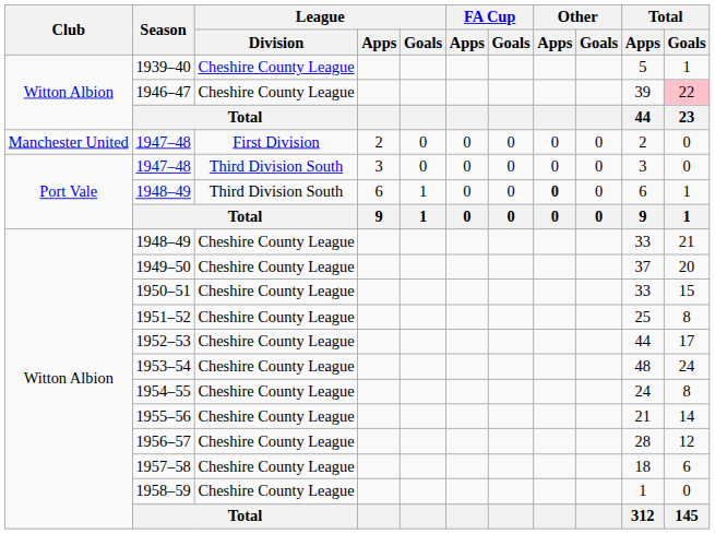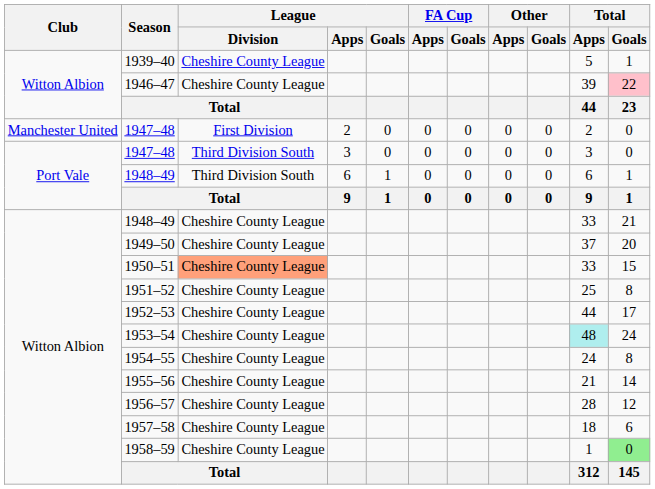 <table class="wikitable" style="text-align:center">
 <tr>
 <th rowspan="2">Club</th>
 <th rowspan="2">Season</th>
 <th colspan="3">League</th>
 <th colspan="2"><a href='#'>FA Cup</a></th>
 <th colspan="2">Other</th>
 <th colspan="2">Total</th>
 </tr>
 <tr>
 <th>Division</th>
 <th>Apps</th>
 <th>Goals</th>
 <th>Apps</th>
 <th>Goals</th>
 <th>Apps</th>
 <th>Goals</th>
 <th>Apps</th>
 <th>Goals</th>
 </tr>
 <tr>
 <td rowspan="3"><a href='#'>Witton Albion</a></td>
 <td>1939–40</td>
 <td><a href='#'>Cheshire County League</a></td>
 <td></td>
 <td></td>
 <td></td>
 <td></td>
 <td></td>
 <td></td>
 <td>5</td>
 <td>1</td>
 </tr>
 <tr>
 <td>1946–47</td>
 <td>Cheshire County League</td>
 <td></td>
 <td></td>
 <td></td>
 <td></td>
 <td></td>
 <td></td>
 <td>39</td>
 <td style="background: pink;">22</td>
 </tr>
 <tr>
 <th colspan="2">Total</th>
 <th></th>
 <th></th>
 <th></th>
 <th></th>
 <th></th>
 <th></th>
 <th>44</th>
 <th>23</th>
 </tr>
 <tr>
 <td><a href='#'>Manchester United</a></td>
 <td><a href='#'>1947–48</a></td>
 <td><a href='#'>First Division</a></td>
 <td>2</td>
 <td>0</td>
 <td>0</td>
 <td>0</td>
 <td>0</td>
 <td>0</td>
 <td>2</td>
 <td>0</td>
 </tr>
 <tr>
 <td rowspan="3"><a href='#'>Port Vale</a></td>
 <td><a href='#'>1947–48</a></td>
 <td><a href='#'>Third Division South</a></td>
 <td>3</td>
 <td>0</td>
 <td>0</td>
 <td>0</td>
 <td>0</td>
 <td>0</td>
 <td>3</td>
 <td>0</td>
 </tr>
 <tr>
 <td><a href='#'>1948–49</a></td>
 <td>Third Division South</td>
 <td>6</td>
 <td>1</td>
 <td>0</td>
 <td>0</td>
-<td><strong>0</strong></td>
+<td>0</td>
 <td>0</td>
 <td>6</td>
 <td>1</td>
 </tr>
 <tr>
 <th colspan="2">Total</th>
 <th>9</th>
 <th>1</th>
 <th>0</th>
 <th>0</th>
 <th>0</th>
 <th>0</th>
 <th>9</th>
 <th>1</th>
 </tr>
 <tr>
 <td rowspan="12">Witton Albion</td>
 <td>1948–49</td>
 <td>Cheshire County League</td>
 <td></td>
 <td></td>
 <td></td>
 <td></td>
 <td></td>
 <td></td>
 <td>33</td>
 <td>21</td>
 </tr>
 <tr>
 <td>1949–50</td>
 <td>Cheshire County League</td>
 <td></td>
 <td></td>
 <td></td>
 <td></td>
 <td></td>
 <td></td>
 <td>37</td>
 <td>20</td>
 </tr>
 <tr>
 <td>1950–51</td>
-<td>Cheshire County League</td>
+<td style="background: lightsalmon;">Cheshire County League</td>
 <td></td>
 <td></td>
 <td></td>
 <td></td>
 <td></td>
 <td></td>
 <td>33</td>
 <td>15</td>
 </tr>
 <tr>
 <td>1951–52</td>
 <td>Cheshire County League</td>
 <td></td>
 <td></td>
 <td></td>
 <td></td>
 <td></td>
 <td></td>
 <td>25</td>
 <td>8</td>
 </tr>
 <tr>
 <td>1952–53</td>
 <td>Cheshire County League</td>
 <td></td>
 <td></td>
 <td></td>
 <td></td>
 <td></td>
 <td></td>
 <td>44</td>
 <td>17</td>
 </tr>
 <tr>
 <td>1953–54</td>
 <td>Cheshire County League</td>
 <td></td>
 <td></td>
 <td></td>
 <td></td>
 <td></td>
 <td></td>
-<td>48</td>
+<td style="background: paleturquoise;">48</td>
 <td>24</td>
 </tr>
 <tr>
 <td>1954–55</td>
 <td>Cheshire County League</td>
 <td></td>
 <td></td>
 <td></td>
 <td></td>
 <td></td>
 <td></td>
 <td>24</td>
 <td>8</td>
 </tr>
 <tr>
 <td>1955–56</td>
 <td>Cheshire County League</td>
 <td></td>
 <td></td>
 <td></td>
 <td></td>
 <td></td>
 <td></td>
 <td>21</td>
 <td>14</td>
 </tr>
 <tr>
 <td>1956–57</td>
 <td>Cheshire County League</td>
 <td></td>
 <td></td>
 <td></td>
 <td></td>
 <td></td>
 <td></td>
 <td>28</td>
 <td>12</td>
 </tr>
 <tr>
 <td>1957–58</td>
 <td>Cheshire County League</td>
 <td></td>
 <td></td>
 <td></td>
 <td></td>
 <td></td>
 <td></td>
 <td>18</td>
 <td>6</td>
 </tr>
 <tr>
 <td>1958–59</td>
 <td>Cheshire County League</td>
 <td></td>
 <td></td>
 <td></td>
 <td></td>
 <td></td>
 <td></td>
 <td>1</td>
-<td>0</td>
+<td style="background: lightgreen;">0</td>
 </tr>
 <tr>
 <th colspan="2">Total</th>
 <th></th>
 <th></th>
 <th></th>
 <th></th>
 <th></th>
 <th></th>
 <th>312</th>
 <th>145</th>
 </tr>
 </table>
